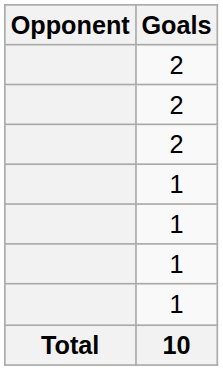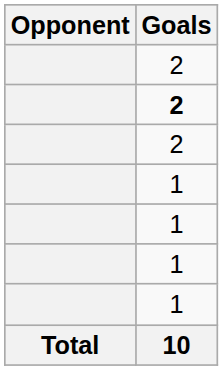 <table class="wikitable plainrowheaders sortable" style="text-align:center; font-size:95%">
 <tr>
 <th scope="col">Opponent</th>
 <th scope="col">Goals</th>
 </tr>
 <tr>
 <th scope="row"></th>
 <td>2</td>
 </tr>
 <tr>
 <th scope="row"></th>
-<td>2</td>
+<td><strong>2</strong></td>
 </tr>
 <tr>
 <th scope="row"></th>
 <td>2</td>
 </tr>
 <tr>
 <th scope="row"></th>
 <td>1</td>
 </tr>
 <tr>
 <th scope="row"></th>
 <td>1</td>
 </tr>
 <tr>
 <th scope="row"></th>
 <td>1</td>
 </tr>
 <tr>
 <th scope="row"></th>
 <td>1</td>
 </tr>
 <tr>
 <th>Total</th>
 <th>10</th>
 </tr>
 </table>
